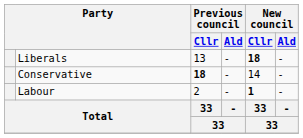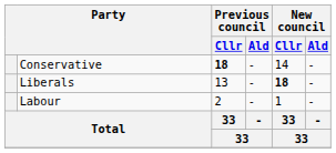 <table class="wikitable">
 <tr>
 <th valign=top colspan="2" rowspan="2" style="width: 230px">Party</th>
 <th valign=top colspan="2" style="width: 30px">Previous council</th>
 <th valign=top colspan="2" style="width: 30px">New council</th>
 </tr>
 <tr>
 <th><a href='#'>Cllr</a></th>
 <th><a href='#'>Ald</a></th>
 <th><a href='#'>Cllr</a></th>
 <th><a href='#'>Ald</a></th>
 </tr>
 <tr>
 <th style="background-color: "></th>
+<td>Conservative</td>
+<td><strong>18</strong></td>
+<td>-</td>
+<td>14</td>
+<td>-</td>
+</tr>
+<tr>
+<th style="background-color: "></th>
 <td>Liberals</td>
 <td>13</td>
 <td>-</td>
 <td><strong>18</strong></td>
 <td>-</td>
 </tr>
 <tr>
 <th style="background-color: "></th>
-<td>Conservative</td>
-<td><strong>18</strong></td>
-<td>-</td>
-<td>14</td>
-<td>-</td>
-</tr>
-<tr>
-<th style="background-color: "></th>
 <td>Labour</td>
 <td>2</td>
 <td>-</td>
-<td><strong>1</strong></td>
+<td>1</td>
 <td>-</td>
 </tr>
 <tr>
 <th colspan="2" rowspan="2">Total</th>
 <th style="text-align: center">33</th>
 <th style="text-align: center">-</th>
 <th style="text-align: center">33</th>
 <th style="text-align: center">-</th>
 </tr>
 <tr>
 <th colspan="2" style="text-align: center">33</th>
 <th colspan="2" style="text-align: center">33</th>
 </tr>
 <tr>
 </tr>
 </table>
